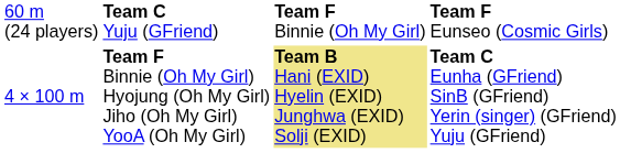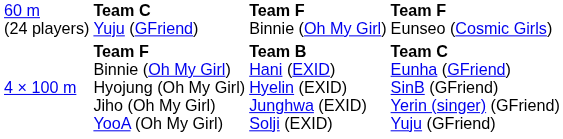 <table>
 <tr>
 <td><a href='#'>60 m</a><br>(24 players)</td>
 <td><strong>Team C</strong><br><a href='#'>Yuju</a> (<a href='#'>GFriend</a>)</td>
 <td><strong>Team F</strong><br>Binnie (<a href='#'>Oh My Girl</a>)</td>
 <td><strong>Team F</strong><br>Eunseo (<a href='#'>Cosmic Girls</a>)</td>
 </tr>
 <tr>
 <td><a href='#'>4 × 100 m</a></td>
 <td><strong>Team F</strong><br>Binnie (<a href='#'>Oh My Girl</a>)<br>Hyojung (Oh My Girl)<br>Jiho (Oh My Girl)<br><a href='#'>YooA</a> (Oh My Girl)</td>
-<td style="background: khaki;"><strong>Team B</strong><br><a href='#'>Hani</a> (<a href='#'>EXID</a>)<br><a href='#'>Hyelin</a> (EXID)<br><a href='#'>Junghwa</a> (EXID)<br><a href='#'>Solji</a> (EXID)</td>
+<td><strong>Team B</strong><br><a href='#'>Hani</a> (<a href='#'>EXID</a>)<br><a href='#'>Hyelin</a> (EXID)<br><a href='#'>Junghwa</a> (EXID)<br><a href='#'>Solji</a> (EXID)</td>
 <td><strong>Team C</strong><br><a href='#'>Eunha</a> (<a href='#'>GFriend</a>)<br><a href='#'>SinB</a> (GFriend)<br><a href='#'>Yerin (singer)</a> (GFriend)<br><a href='#'>Yuju</a> (GFriend)</td>
 </tr>
 </table>
